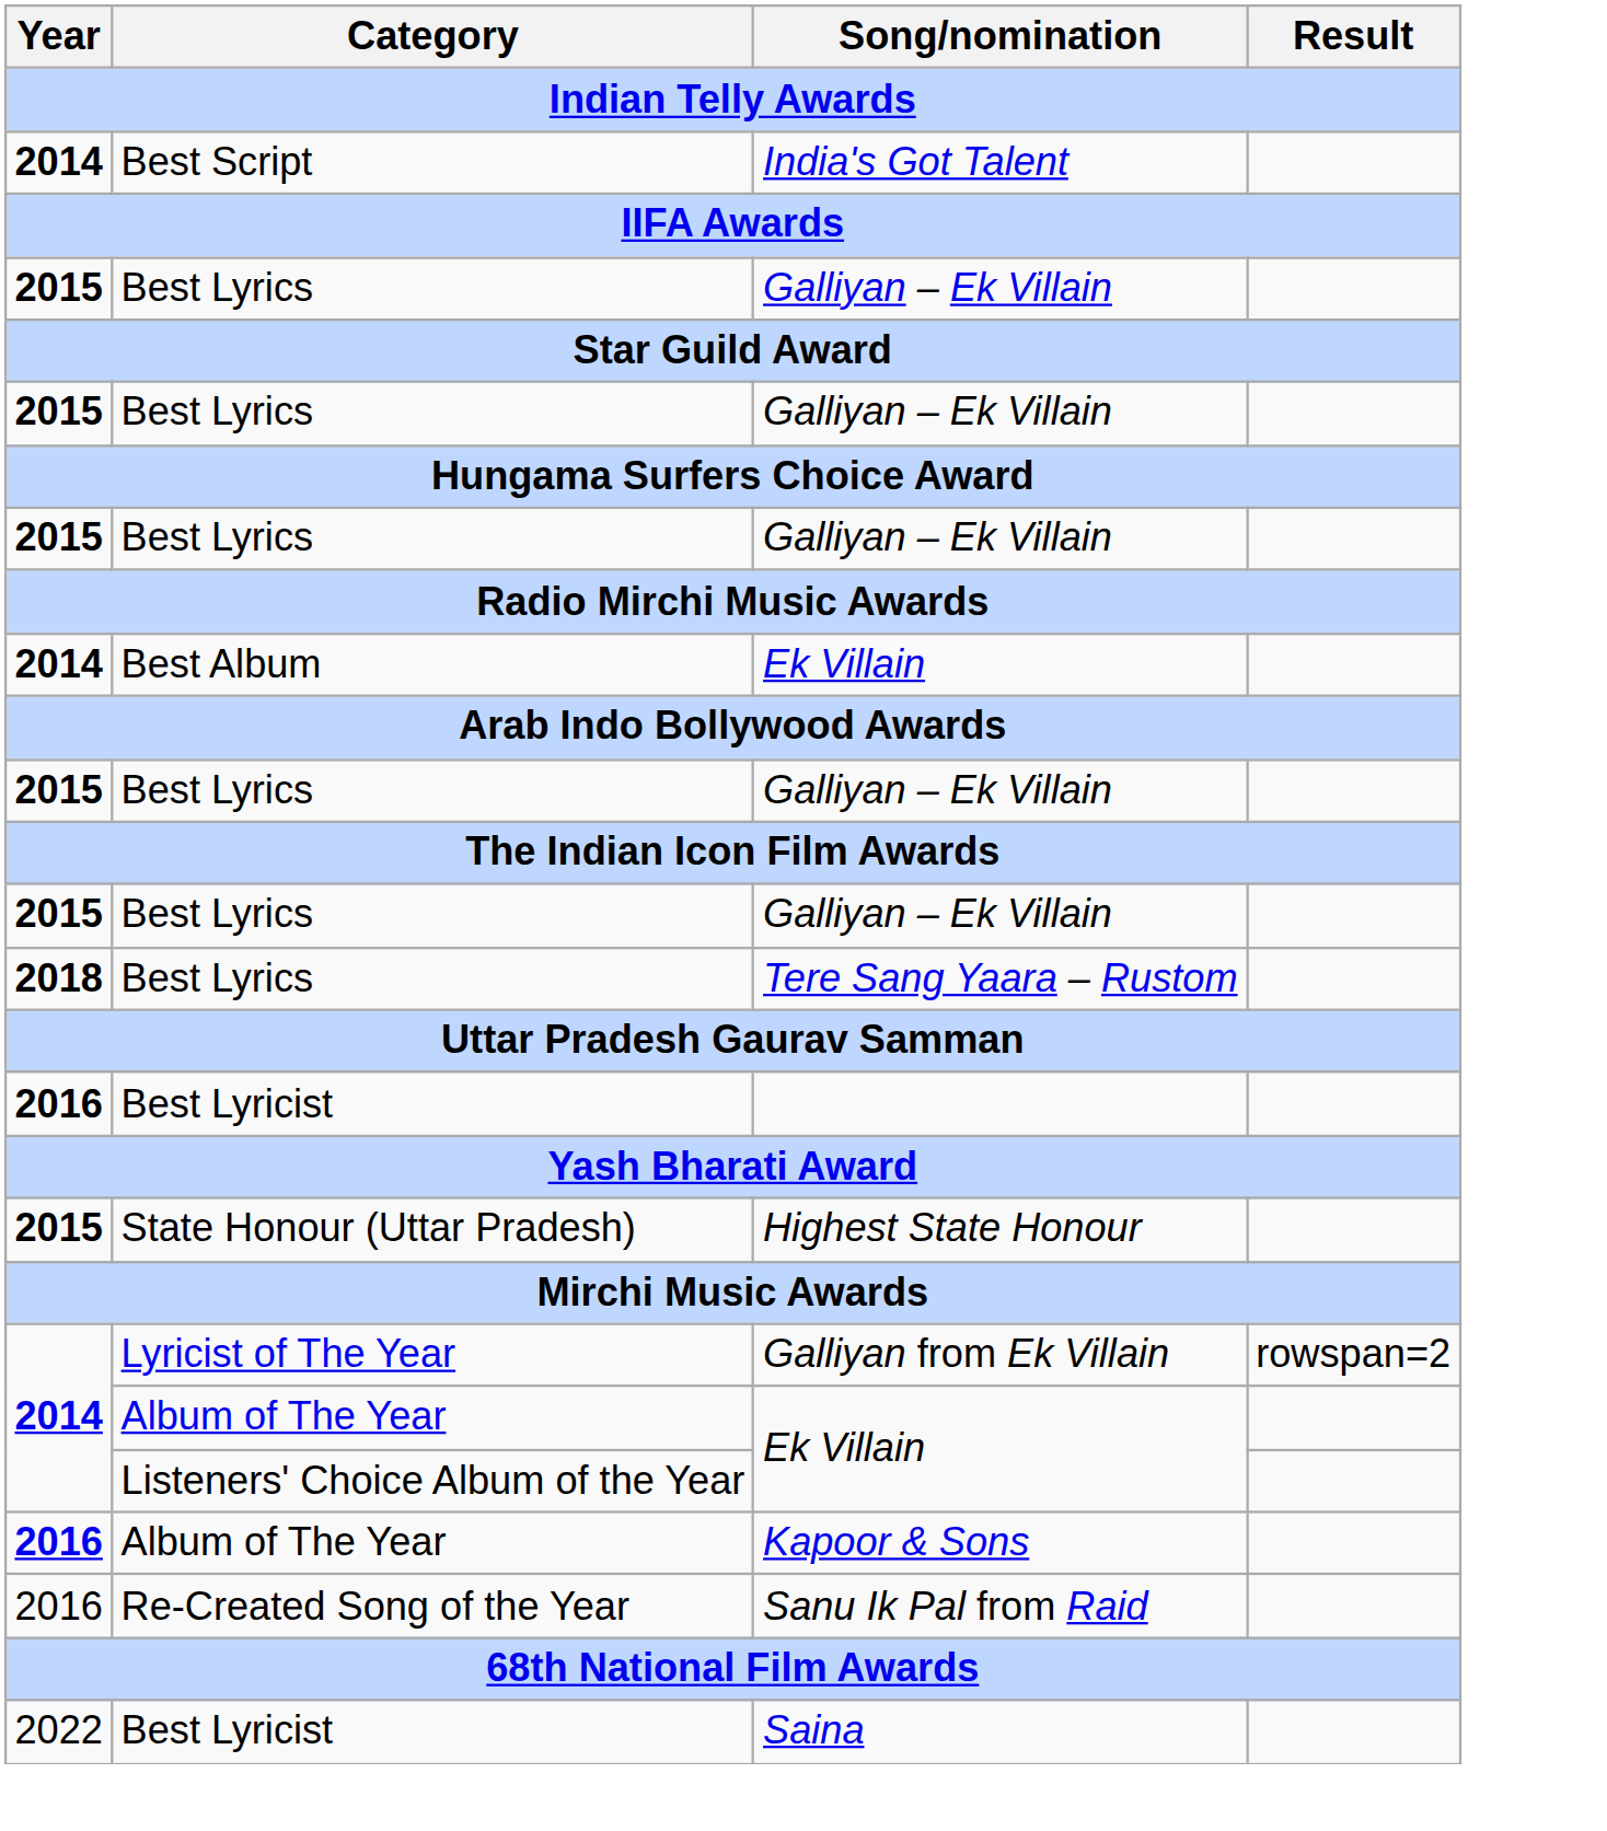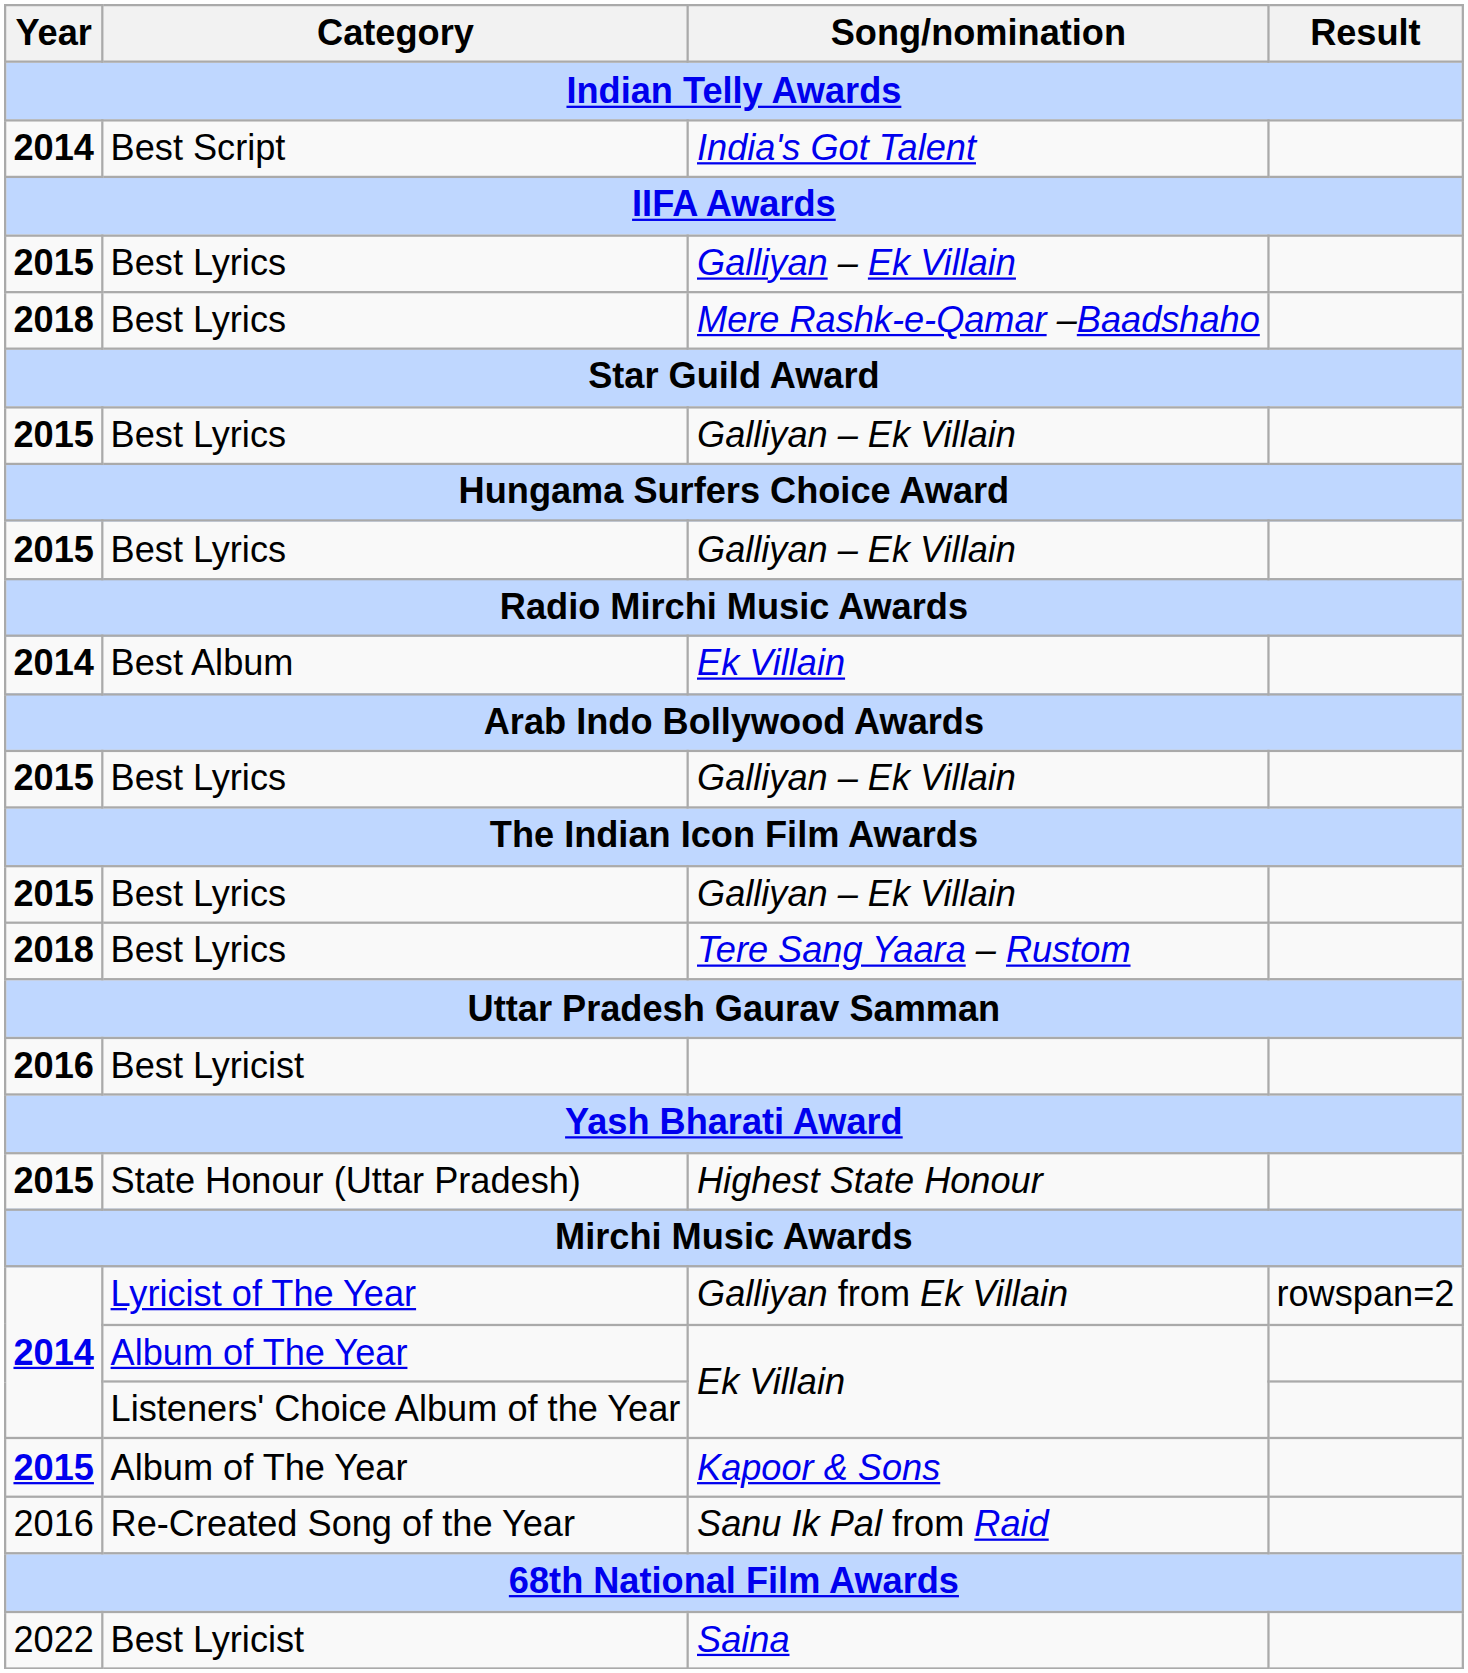 <table class="wikitable">
 <tr>
 <th>Year</th>
 <th>Category</th>
 <th>Song/nomination</th>
 <th>Result</th>
 </tr>
 <tr style="background:#bfd7ff;">
 <td colspan="4" style="text-align:center;"><strong><a href='#'>Indian Telly Awards</a></strong></td>
 </tr>
 <tr>
 <td><strong>2014</strong></td>
 <td>Best Script</td>
 <td><em><a href='#'>India's Got Talent</a></em></td>
 <td></td>
 </tr>
 <tr style="background:#bfd7ff;">
 <td colspan="4" style="text-align:center;"><strong><a href='#'>IIFA Awards</a></strong></td>
 </tr>
 <tr>
 <td><strong>2015</strong></td>
 <td>Best Lyrics</td>
 <td><em> <a href='#'>Galliyan</a> – <a href='#'>Ek Villain</a></em></td>
+<td></td>
+</tr>
+<tr>
+<td><strong>2018</strong></td>
+<td>Best Lyrics</td>
+<td><em><a href='#'>Mere Rashk-e-Qamar</a> –<a href='#'>Baadshaho</a></em></td>
 <td></td>
 </tr>
 <tr style="background:#bfd7ff;">
 <td colspan="4" style="text-align:center;"><strong>Star Guild Award</strong></td>
 </tr>
 <tr>
 <td><strong>2015</strong></td>
 <td>Best Lyrics</td>
 <td><em>Galliyan – Ek Villain</em></td>
 <td></td>
 </tr>
 <tr style="background:#bfd7ff;">
 <td colspan="4" style="text-align:center;"><strong>Hungama Surfers Choice Award</strong></td>
 </tr>
 <tr>
 <td><strong>2015</strong></td>
 <td>Best Lyrics</td>
 <td><em>Galliyan – Ek Villain</em></td>
 <td></td>
 </tr>
 <tr style="background:#bfd7ff;">
 <td colspan="4" style="text-align:center;"><strong>Radio Mirchi Music Awards</strong></td>
 </tr>
 <tr>
 <td><strong>2014</strong></td>
 <td>Best Album</td>
 <td><em><a href='#'>Ek Villain</a></em></td>
 <td></td>
 </tr>
 <tr style="background:#bfd7ff;">
 <td colspan="4" style="text-align:center;"><strong>Arab Indo Bollywood Awards</strong></td>
 </tr>
 <tr>
 <td><strong>2015</strong></td>
 <td>Best Lyrics</td>
 <td><em>Galliyan – Ek Villain</em></td>
 <td></td>
 </tr>
 <tr style="background:#bfd7ff;">
 <td colspan="4" style="text-align:center;"><strong>The Indian Icon Film Awards</strong></td>
 </tr>
 <tr>
 <td><strong>2015</strong></td>
 <td>Best Lyrics</td>
 <td><em>Galliyan – Ek Villain</em></td>
 <td></td>
 </tr>
 <tr>
 <td><strong>2018</strong></td>
 <td>Best Lyrics</td>
 <td><em><a href='#'>Tere Sang Yaara</a> – <a href='#'>Rustom</a></em></td>
 <td></td>
 </tr>
 <tr style="background:#bfd7ff;">
 <td colspan="4" style="text-align:center;"><strong>Uttar Pradesh Gaurav Samman</strong></td>
 </tr>
 <tr>
 <td><strong>2016</strong></td>
 <td>Best Lyricist</td>
 <td></td>
 <td></td>
 </tr>
 <tr style="background:#bfd7ff;">
 <td colspan="4" style="text-align:center;"><strong><a href='#'>Yash Bharati Award</a></strong></td>
 </tr>
 <tr>
 <td><strong>2015</strong></td>
 <td>State Honour (Uttar Pradesh)</td>
 <td><em>Highest State Honour</em></td>
 <td></td>
 </tr>
 <tr style="background:#bfd7ff;">
 <td colspan="4" style="text-align:center;"><strong>Mirchi Music Awards</strong></td>
 </tr>
 <tr>
 <td rowspan=3><strong><a href='#'>2014</a></strong></td>
 <td><a href='#'>Lyricist of The Year</a></td>
 <td><em>Galliyan</em> from <em>Ek Villain</em></td>
 <td>rowspan=2 </td>
 </tr>
 <tr>
 <td><a href='#'>Album of The Year</a></td>
 <td rowspan=2><em>Ek Villain</em></td>
 </tr>
 <tr>
 <td>Listeners' Choice Album of the Year</td>
 <td></td>
 </tr>
 <tr>
-<td><strong><a href='#'>2016</a></strong></td>
+<td><strong><a href='#'>2015</a></strong></td>
 <td>Album of The Year</td>
 <td><em><a href='#'>Kapoor & Sons</a></em></td>
 <td></td>
 </tr>
 <tr>
 <td>2016</td>
 <td>Re-Created Song of the Year</td>
 <td><em>Sanu Ik Pal</em> from <em><a href='#'>Raid</a></em></td>
 <td></td>
 </tr>
 <tr style="background:#bfd7ff;">
 <td colspan="4" style="text-align:center;"><strong><a href='#'>68th National Film Awards</a></strong></td>
 </tr>
 <tr>
 <td>2022</td>
 <td>Best Lyricist</td>
 <td><em><a href='#'>Saina</a></em></td>
 <td></td>
 </tr>
 </table>
